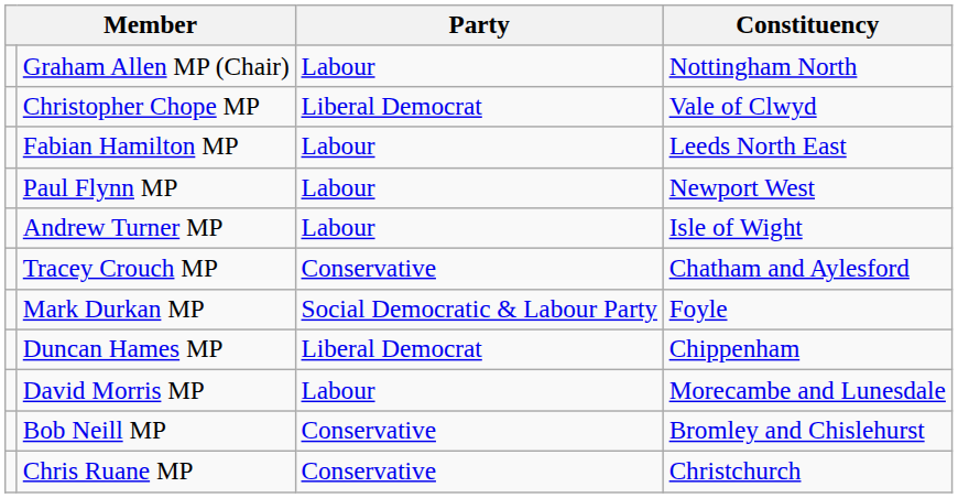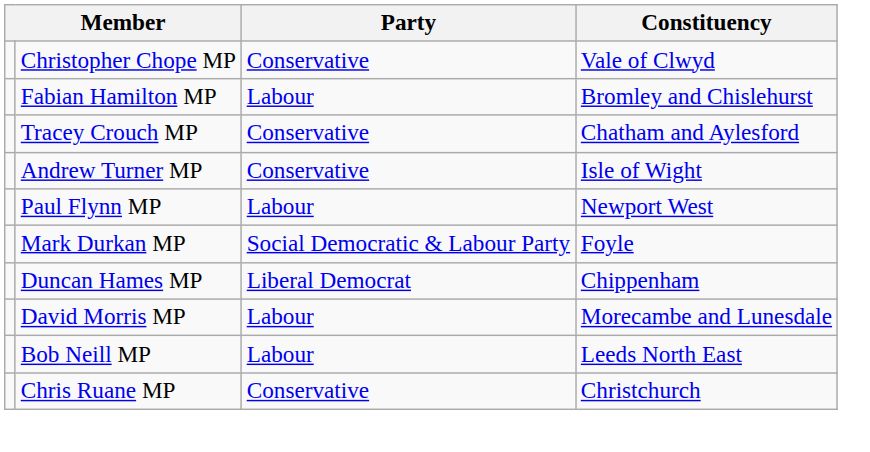 <table class="wikitable">
 <tr>
 <th colspan="2" valign="top">Member</th>
 <th valign="top">Party</th>
 <th valign="top">Constituency</th>
 </tr>
 <tr>
 <td style="color:inherit;background:"></td>
-<td><a href='#'>Graham Allen</a> MP (Chair)</td>
-<td><a href='#'>Labour</a></td>
-<td><a href='#'>Nottingham North</a></td>
-</tr>
-<tr>
-<td style="color:inherit;background:"></td>
 <td><a href='#'>Christopher Chope</a> MP</td>
-<td><a href='#'>Liberal Democrat</a></td>
+<td><a href='#'>Conservative</a></td>
 <td><a href='#'>Vale of Clwyd</a></td>
 </tr>
 <tr>
 <td style="color:inherit;background:"></td>
 <td><a href='#'>Fabian Hamilton</a> MP</td>
 <td><a href='#'>Labour</a></td>
-<td><a href='#'>Leeds North East</a></td>
+<td><a href='#'>Bromley and Chislehurst</a></td>
+</tr>
+<tr>
+<td style="color:inherit;background:"></td>
+<td><a href='#'>Tracey Crouch</a> MP</td>
+<td><a href='#'>Conservative</a></td>
+<td><a href='#'>Chatham and Aylesford</a></td>
+</tr>
+<tr>
+<td style="color:inherit;background:"></td>
+<td><a href='#'>Andrew Turner</a> MP</td>
+<td><a href='#'>Conservative</a></td>
+<td><a href='#'>Isle of Wight</a></td>
 </tr>
 <tr>
 <td style="color:inherit;background:"></td>
 <td><a href='#'>Paul Flynn</a> MP</td>
 <td><a href='#'>Labour</a></td>
 <td><a href='#'>Newport West</a></td>
-</tr>
-<tr>
-<td style="color:inherit;background:"></td>
-<td><a href='#'>Andrew Turner</a> MP</td>
-<td><a href='#'>Labour</a></td>
-<td><a href='#'>Isle of Wight</a></td>
-</tr>
-<tr>
-<td style="color:inherit;background:"></td>
-<td><a href='#'>Tracey Crouch</a> MP</td>
-<td><a href='#'>Conservative</a></td>
-<td><a href='#'>Chatham and Aylesford</a></td>
 </tr>
 <tr>
 <td style="color:inherit;background:"></td>
 <td><a href='#'>Mark Durkan</a> MP</td>
 <td><a href='#'>Social Democratic & Labour Party</a></td>
 <td><a href='#'>Foyle</a></td>
 </tr>
 <tr>
 <td style="color:inherit;background:"></td>
 <td><a href='#'>Duncan Hames</a> MP</td>
 <td><a href='#'>Liberal Democrat</a></td>
 <td><a href='#'>Chippenham</a></td>
 </tr>
 <tr>
 <td style="color:inherit;background:"></td>
 <td><a href='#'>David Morris</a> MP</td>
 <td><a href='#'>Labour</a></td>
 <td><a href='#'>Morecambe and Lunesdale</a></td>
 </tr>
 <tr>
 <td style="color:inherit;background:"></td>
 <td><a href='#'>Bob Neill</a> MP</td>
-<td><a href='#'>Conservative</a></td>
-<td><a href='#'>Bromley and Chislehurst</a></td>
+<td><a href='#'>Labour</a></td>
+<td><a href='#'>Leeds North East</a></td>
 </tr>
 <tr>
 <td style="color:inherit;background:"></td>
 <td><a href='#'>Chris Ruane</a> MP</td>
 <td><a href='#'>Conservative</a></td>
 <td><a href='#'>Christchurch</a></td>
 </tr>
 </table>
